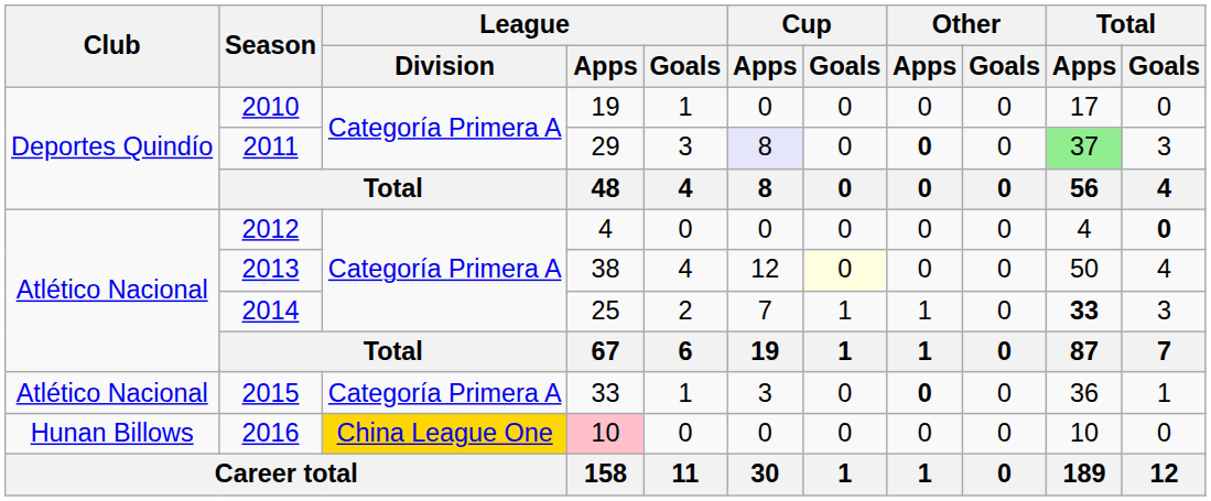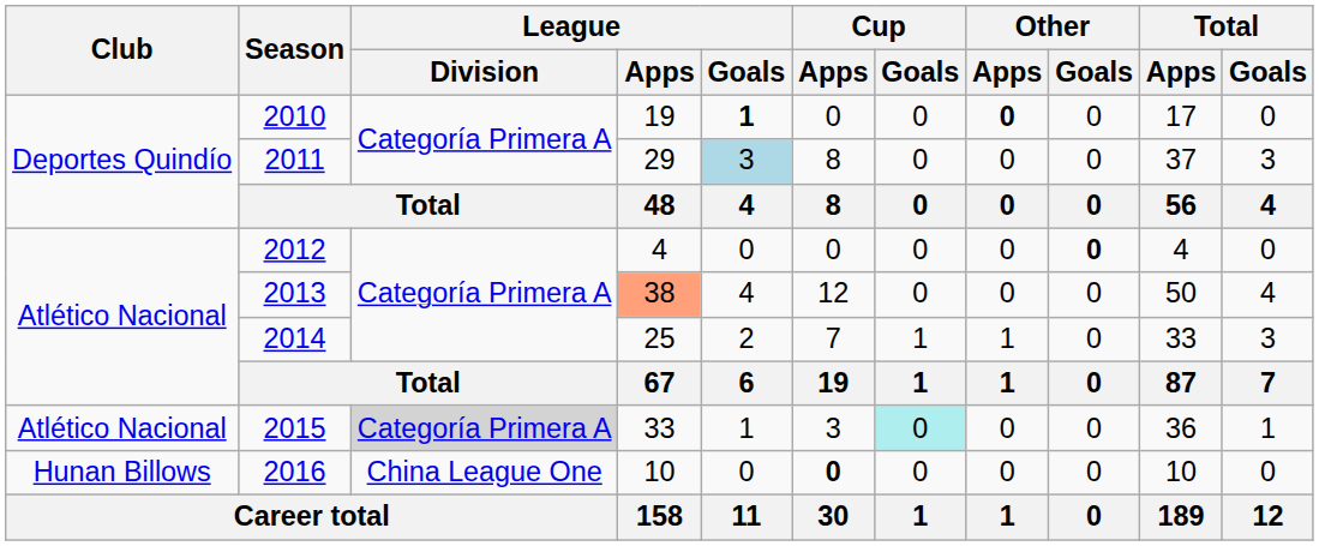 <table class="wikitable" style="text-align: center">
 <tr>
 <th rowspan="2">Club</th>
 <th rowspan="2">Season</th>
 <th colspan="3">League</th>
 <th colspan="2">Cup</th>
 <th colspan="2">Other</th>
 <th colspan="2">Total</th>
 </tr>
 <tr>
 <th>Division</th>
 <th>Apps</th>
 <th>Goals</th>
 <th>Apps</th>
 <th>Goals</th>
 <th>Apps</th>
 <th>Goals</th>
 <th>Apps</th>
 <th>Goals</th>
 </tr>
 <tr>
 <td rowspan="3"><a href='#'>Deportes Quindío</a></td>
 <td><a href='#'>2010</a></td>
 <td rowspan="2"><a href='#'>Categoría Primera A</a></td>
 <td>19</td>
-<td>1</td>
+<td><strong>1</strong></td>
 <td>0</td>
 <td>0</td>
-<td>0</td>
+<td><strong>0</strong></td>
 <td>0</td>
 <td>17</td>
 <td>0</td>
 </tr>
 <tr>
 <td><a href='#'>2011</a></td>
 <td>29</td>
-<td>3</td>
-<td style="background: lavender;">8</td>
+<td style="background: lightblue;">3</td>
+<td>8</td>
 <td>0</td>
-<td><strong>0</strong></td>
 <td>0</td>
-<td style="background: lightgreen;">37</td>
+<td>0</td>
+<td>37</td>
 <td>3</td>
 </tr>
 <tr>
 <th colspan="2"><strong>Total</strong></th>
 <th>48</th>
 <th>4</th>
 <th>8</th>
 <th>0</th>
 <th>0</th>
 <th>0</th>
 <th>56</th>
 <th>4</th>
 </tr>
 <tr>
 <td rowspan="4"><a href='#'>Atlético Nacional</a></td>
 <td><a href='#'>2012</a></td>
 <td rowspan="3"><a href='#'>Categoría Primera A</a></td>
 <td>4</td>
 <td>0</td>
 <td>0</td>
 <td>0</td>
 <td>0</td>
+<td><strong>0</strong></td>
+<td>4</td>
 <td>0</td>
-<td>4</td>
-<td><strong>0</strong></td>
 </tr>
 <tr>
 <td><a href='#'>2013</a></td>
-<td>38</td>
+<td style="background: lightsalmon;">38</td>
 <td>4</td>
 <td>12</td>
-<td style="background: lightyellow;">0</td>
+<td>0</td>
 <td>0</td>
 <td>0</td>
 <td>50</td>
 <td>4</td>
 </tr>
 <tr>
 <td><a href='#'>2014</a></td>
 <td>25</td>
 <td>2</td>
 <td>7</td>
 <td>1</td>
 <td>1</td>
 <td>0</td>
-<td><strong>33</strong></td>
+<td>33</td>
 <td>3</td>
 </tr>
 <tr>
 <th colspan="2"><strong>Total</strong></th>
 <th>67</th>
 <th>6</th>
 <th>19</th>
 <th>1</th>
 <th>1</th>
 <th>0</th>
 <th>87</th>
 <th>7</th>
 </tr>
 <tr>
 <td><a href='#'>Atlético Nacional</a></td>
 <td><a href='#'>2015</a></td>
-<td><a href='#'>Categoría Primera A</a></td>
+<td style="background: lightgrey;"><a href='#'>Categoría Primera A</a></td>
 <td>33</td>
 <td>1</td>
 <td>3</td>
+<td style="background: paleturquoise;">0</td>
 <td>0</td>
-<td><strong>0</strong></td>
 <td>0</td>
 <td>36</td>
 <td>1</td>
 </tr>
 <tr>
 <td><a href='#'>Hunan Billows</a></td>
 <td><a href='#'>2016</a></td>
-<td style="background: gold;"><a href='#'>China League One</a></td>
-<td style="background: pink;">10</td>
+<td><a href='#'>China League One</a></td>
+<td>10</td>
 <td>0</td>
-<td>0</td>
+<td><strong>0</strong></td>
 <td>0</td>
 <td>0</td>
 <td>0</td>
 <td>10</td>
 <td>0</td>
 </tr>
 <tr>
 <th colspan="3"><strong>Career total</strong></th>
 <th>158</th>
 <th>11</th>
 <th>30</th>
 <th>1</th>
 <th>1</th>
 <th>0</th>
 <th>189</th>
 <th>12</th>
 </tr>
 </table>
